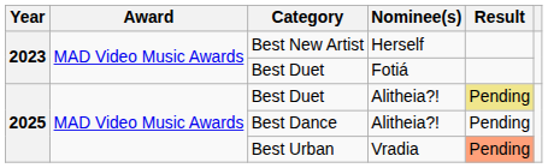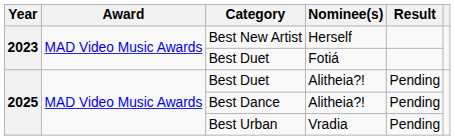 <table class="wikitable sortable plainrowheaders">
 <tr>
 <th scope="col">Year</th>
 <th scope="col">Award</th>
 <th scope="col">Category</th>
 <th scope="col">Nominee(s)</th>
 <th scope="col">Result</th>
 <th scope="col"></th>
 </tr>
 <tr>
 <th rowspan="2">2023</th>
 <td rowspan="2"><a href='#'>MAD Video Music Awards</a></td>
 <td>Best New Artist</td>
 <td>Herself</td>
 <td></td>
 <td rowspan="2"></td>
 </tr>
 <tr>
 <td>Best Duet</td>
 <td>Fotiá</td>
 <td></td>
 </tr>
 <tr>
 <th rowspan="3">2025</th>
 <td rowspan="3"><a href='#'>MAD Video Music Awards</a></td>
 <td>Best Duet</td>
 <td>Alitheia?!</td>
-<td style="background: khaki;">Pending</td>
+<td>Pending</td>
 <td rowspan="3"></td>
 </tr>
 <tr>
 <td>Best Dance</td>
 <td>Alitheia?!</td>
 <td>Pending</td>
 </tr>
 <tr>
 <td>Best Urban</td>
 <td>Vradia</td>
-<td style="background: lightsalmon;">Pending</td>
+<td>Pending</td>
 </tr>
 </table>
